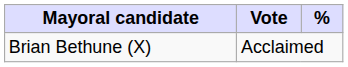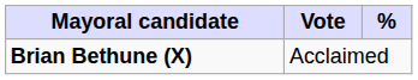 <table class="wikitable">
 <tr>
 <th style="background:#ddf; width:200px;">Mayoral candidate</th>
 <th style="background:#ddf; width:50px;">Vote</th>
 <th style="background:#ddf; width:30px;">%</th>
 </tr>
 <tr>
-<td>Brian Bethune (X)</td>
+<td><strong>Brian Bethune (X)</strong></td>
 <td colspan="2">Acclaimed</td>
 </tr>
 </table>
